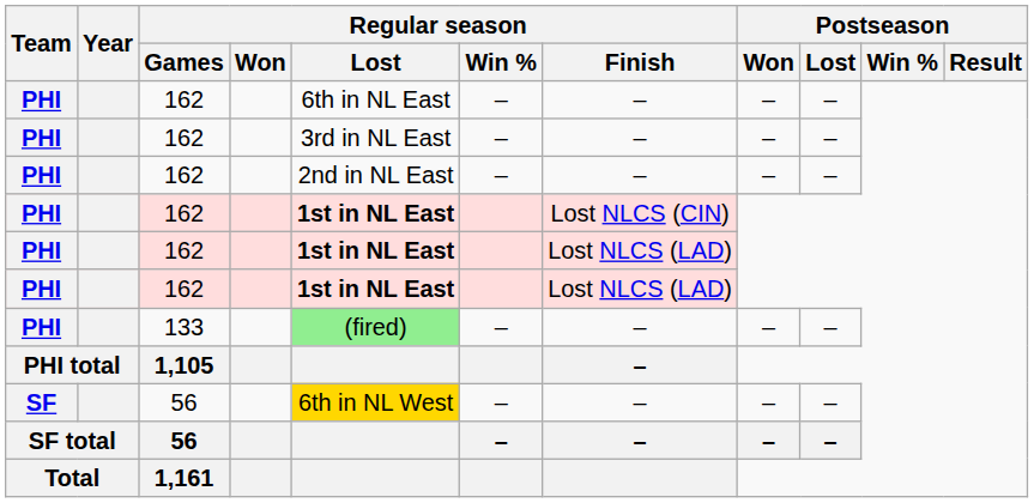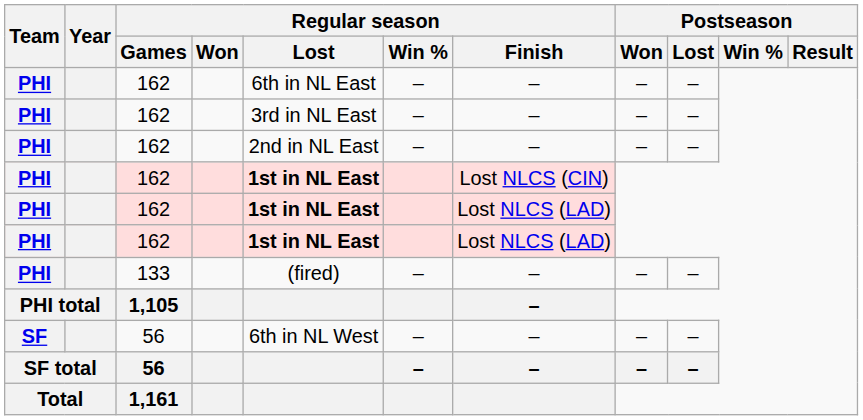 <table class="wikitable" style="font-size: 95%; text-align:center;">
 <tr>
 <th rowspan="2">Team</th>
 <th rowspan="2">Year</th>
 <th colspan="5">Regular season</th>
 <th colspan="4">Postseason</th>
 </tr>
 <tr>
 <th>Games</th>
 <th>Won</th>
 <th>Lost</th>
 <th>Win %</th>
 <th>Finish</th>
 <th>Won</th>
 <th>Lost</th>
 <th>Win %</th>
 <th>Result</th>
 </tr>
 <tr>
 <th><a href='#'>PHI</a></th>
 <th></th>
 <td>162</td>
 <td></td>
 <td>6th in NL East</td>
 <td>–</td>
 <td>–</td>
 <td>–</td>
 <td>–</td>
 </tr>
 <tr>
 <th><a href='#'>PHI</a></th>
 <th></th>
 <td>162</td>
 <td></td>
 <td>3rd in NL East</td>
 <td>–</td>
 <td>–</td>
 <td>–</td>
 <td>–</td>
 </tr>
 <tr>
 <th><a href='#'>PHI</a></th>
 <th></th>
 <td>162</td>
 <td></td>
 <td>2nd in NL East</td>
 <td>–</td>
 <td>–</td>
 <td>–</td>
 <td>–</td>
 </tr>
 <tr style="background:#fdd;"!>
 <th><a href='#'>PHI</a></th>
 <th></th>
 <td>162</td>
 <td></td>
 <td><strong>1st in NL East</strong></td>
 <td></td>
 <td>Lost <a href='#'>NLCS</a> (<a href='#'>CIN</a>)</td>
 </tr>
 <tr style="background:#fdd;"!>
 <th><a href='#'>PHI</a></th>
 <th></th>
 <td>162</td>
 <td></td>
 <td><strong>1st in NL East</strong></td>
 <td></td>
 <td>Lost <a href='#'>NLCS</a> (<a href='#'>LAD</a>)</td>
 </tr>
 <tr style="background:#fdd;"!>
 <th><a href='#'>PHI</a></th>
 <th></th>
 <td>162</td>
 <td></td>
 <td><strong>1st in NL East</strong></td>
 <td></td>
 <td>Lost <a href='#'>NLCS</a> (<a href='#'>LAD</a>)</td>
 </tr>
 <tr>
 <th><a href='#'>PHI</a></th>
 <th></th>
 <td>133</td>
 <td></td>
-<td style="background: lightgreen;">(fired)</td>
+<td>(fired)</td>
 <td>–</td>
 <td>–</td>
 <td>–</td>
 <td>–</td>
 </tr>
 <tr>
 <th colspan="2">PHI total</th>
 <th>1,105</th>
 <th></th>
 <th></th>
 <th></th>
 <th>–</th>
 </tr>
 <tr>
 <th><a href='#'>SF</a></th>
 <th></th>
 <td>56</td>
 <td></td>
-<td style="background: gold;">6th in NL West</td>
+<td>6th in NL West</td>
 <td>–</td>
 <td>–</td>
 <td>–</td>
 <td>–</td>
 </tr>
 <tr>
 <th colspan="2">SF total</th>
 <th>56</th>
 <th></th>
 <th></th>
 <th>–</th>
 <th>–</th>
 <th>–</th>
 <th>–</th>
 </tr>
 <tr>
 <th colspan="2">Total</th>
 <th>1,161</th>
 <th></th>
 <th></th>
 <th></th>
 <th></th>
 </tr>
 </table>
